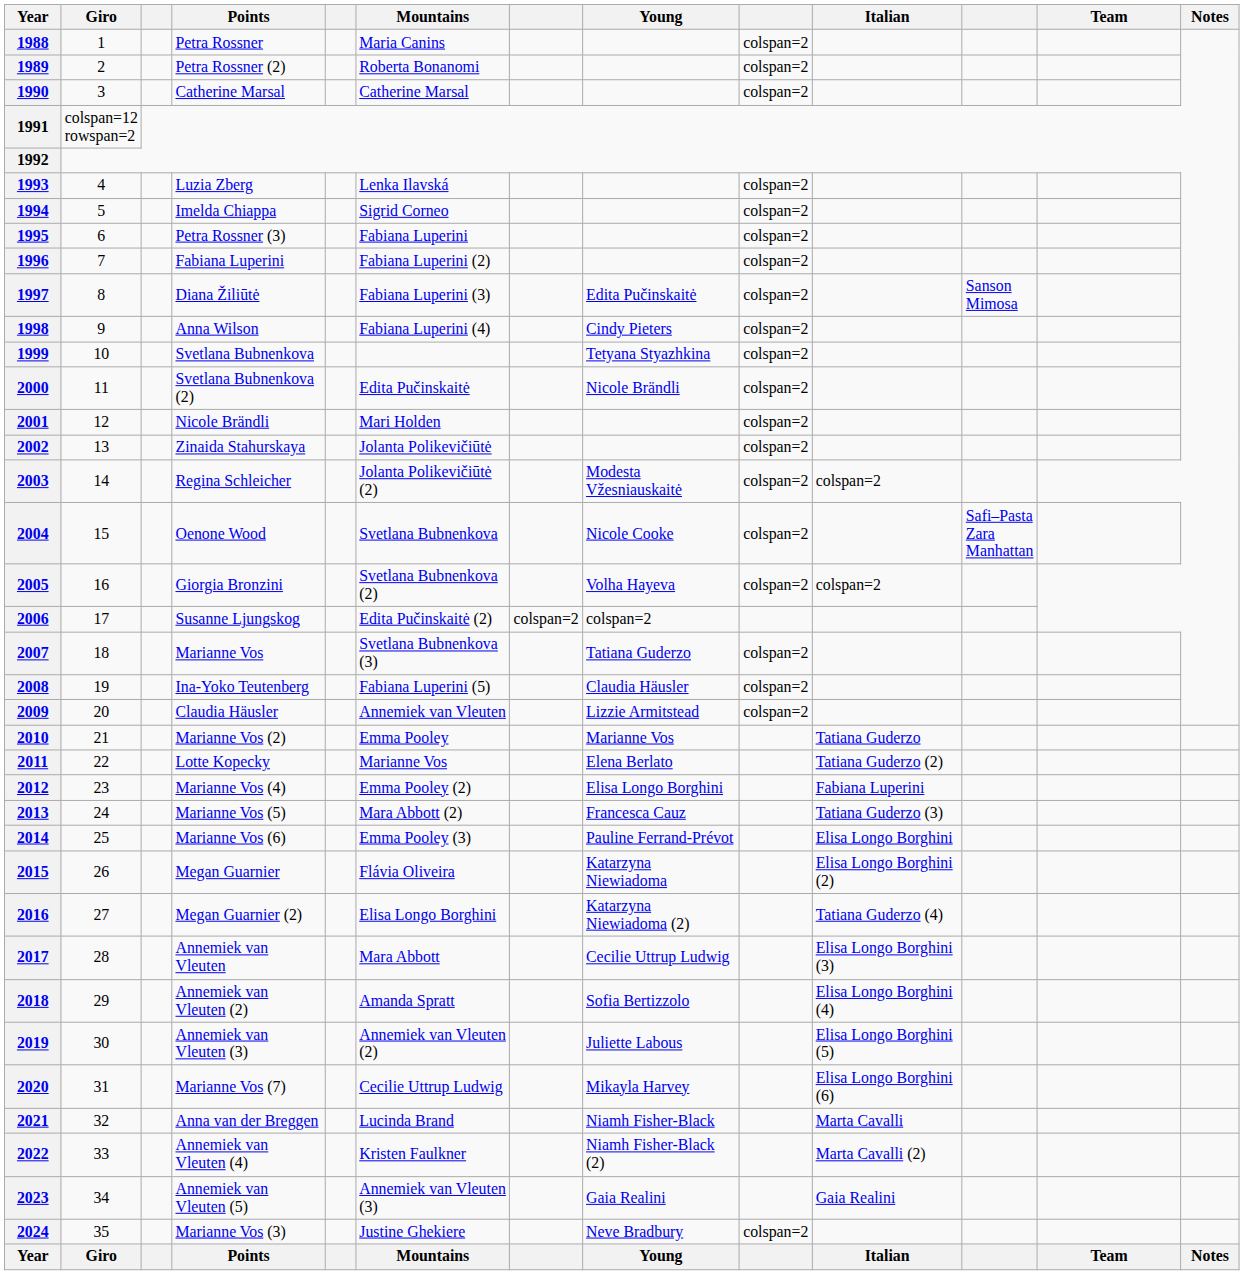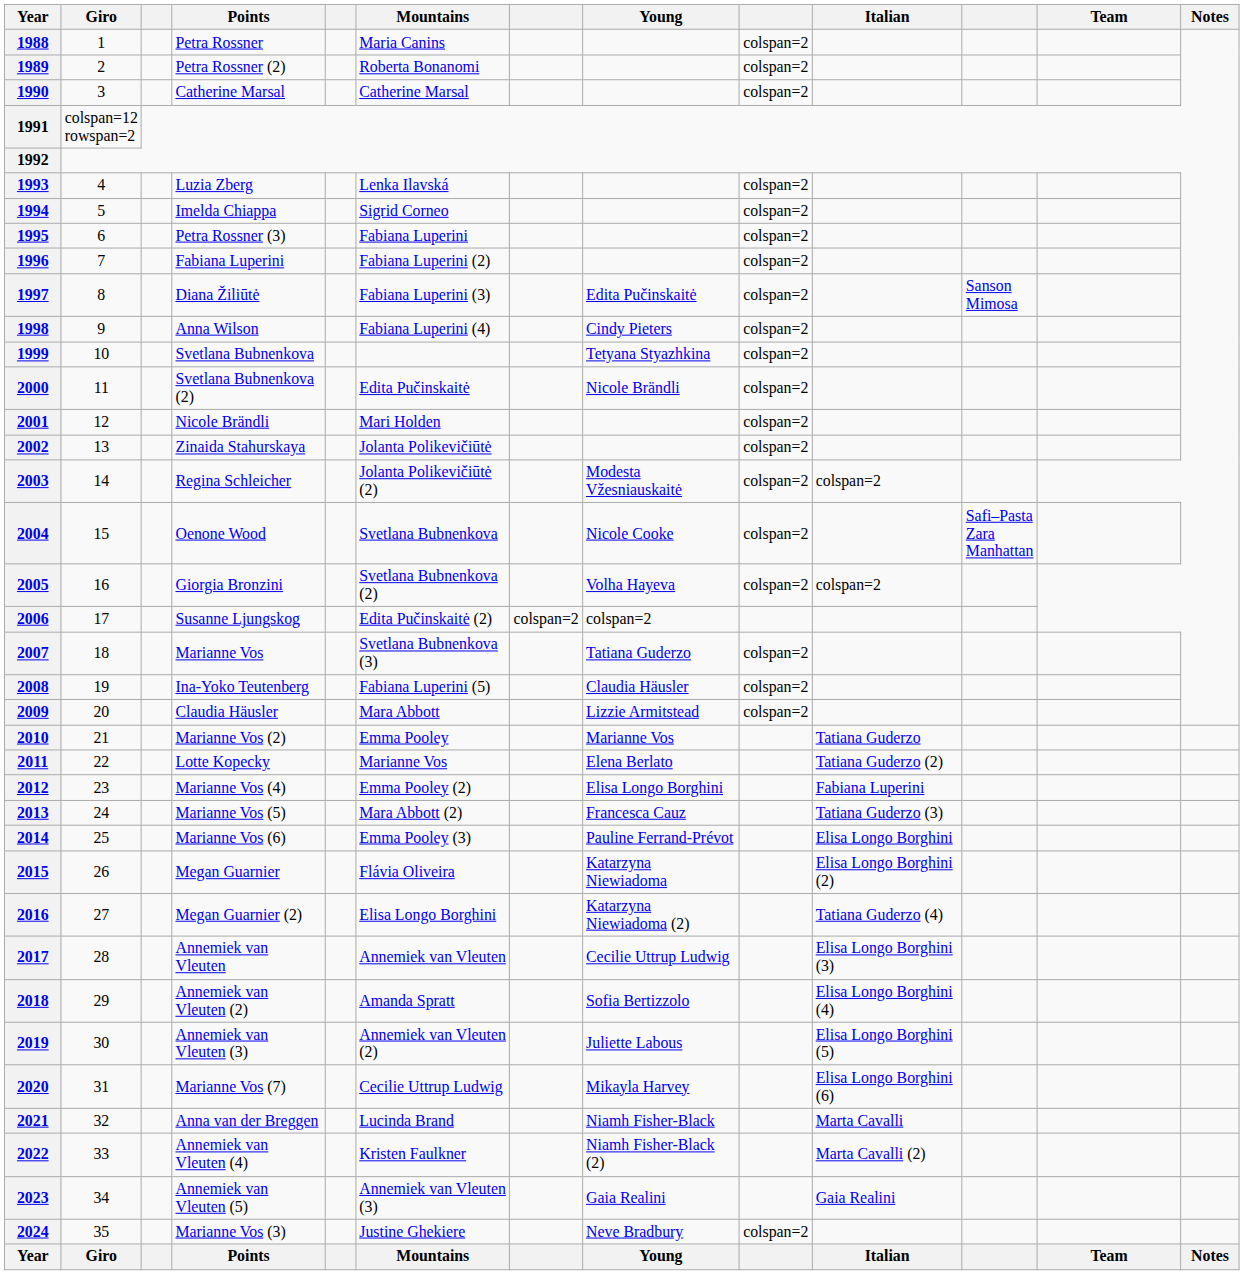 <table class="sortable wikitable">
 <tr>
 <th width="5%">Year</th>
 <th width="5%" class="unsortable">Giro</th>
 <th width="3%"></th>
 <th width="14%"> Points</th>
 <th width="3%"></th>
 <th width="14%"> Mountains</th>
 <th width="3%"></th>
 <th width="14%"> Young</th>
 <th width="3%"></th>
 <th width="14%"> Italian</th>
 <th width="3%"></th>
 <th width="14%"> Team</th>
 <th width="5%" class="unsortable">Notes</th>
 </tr>
 <tr>
 <th><strong><a href='#'>1988</a></strong></th>
 <td align=center>1</td>
 <td></td>
 <td><a href='#'>Petra Rossner</a></td>
 <td></td>
 <td><a href='#'>Maria Canins</a></td>
 <td></td>
 <td></td>
 <td>colspan=2 </td>
 <td></td>
 <td></td>
 <td align=center></td>
 </tr>
 <tr>
 <th><strong><a href='#'>1989</a></strong></th>
 <td align=center>2</td>
 <td></td>
 <td><a href='#'>Petra Rossner</a> (2)</td>
 <td></td>
 <td><a href='#'>Roberta Bonanomi</a></td>
 <td></td>
 <td></td>
 <td>colspan=2 </td>
 <td></td>
 <td></td>
 <td align=center></td>
 </tr>
 <tr>
 <th><strong><a href='#'>1990</a></strong></th>
 <td align=center>3</td>
 <td></td>
 <td><a href='#'>Catherine Marsal</a></td>
 <td></td>
 <td><a href='#'>Catherine Marsal</a></td>
 <td></td>
 <td></td>
 <td>colspan=2 </td>
 <td></td>
 <td></td>
 <td align=center></td>
 </tr>
 <tr>
 <th><strong>1991</strong></th>
 <td>colspan=12 rowspan=2 </td>
 </tr>
 <tr>
 <th><strong>1992</strong></th>
 </tr>
 <tr>
 <th><strong><a href='#'>1993</a></strong></th>
 <td align=center>4</td>
 <td></td>
 <td><a href='#'>Luzia Zberg</a></td>
 <td></td>
 <td><a href='#'>Lenka Ilavská</a></td>
 <td></td>
 <td></td>
 <td>colspan=2 </td>
 <td></td>
 <td></td>
 <td align=center></td>
 </tr>
 <tr>
 <th><strong><a href='#'>1994</a></strong></th>
 <td align=center>5</td>
 <td></td>
 <td><a href='#'>Imelda Chiappa</a></td>
 <td></td>
 <td><a href='#'>Sigrid Corneo</a></td>
 <td></td>
 <td></td>
 <td>colspan=2 </td>
 <td></td>
 <td></td>
 <td align=center></td>
 </tr>
 <tr>
 <th><strong><a href='#'>1995</a></strong></th>
 <td align=center>6</td>
 <td></td>
 <td><a href='#'>Petra Rossner</a> (3)</td>
 <td></td>
 <td><a href='#'>Fabiana Luperini</a></td>
 <td></td>
 <td></td>
 <td>colspan=2 </td>
 <td></td>
 <td></td>
 <td align=center></td>
 </tr>
 <tr>
 <th><strong><a href='#'>1996</a></strong></th>
 <td align=center>7</td>
 <td></td>
 <td><a href='#'>Fabiana Luperini</a></td>
 <td></td>
 <td><a href='#'>Fabiana Luperini</a> (2)</td>
 <td></td>
 <td></td>
 <td>colspan=2 </td>
 <td></td>
 <td></td>
 <td align=center></td>
 </tr>
 <tr>
 <th><strong><a href='#'>1997</a></strong></th>
 <td align=center>8</td>
 <td></td>
 <td><a href='#'>Diana Žiliūtė</a></td>
 <td></td>
 <td><a href='#'>Fabiana Luperini</a> (3)</td>
 <td></td>
 <td><a href='#'>Edita Pučinskaitė</a></td>
 <td>colspan=2 </td>
 <td></td>
 <td><a href='#'>Sanson Mimosa</a></td>
 <td align=center></td>
 </tr>
 <tr>
 <th><strong><a href='#'>1998</a></strong></th>
 <td align=center>9</td>
 <td></td>
 <td><a href='#'>Anna Wilson</a></td>
 <td></td>
 <td><a href='#'>Fabiana Luperini</a> (4)</td>
 <td></td>
 <td><a href='#'>Cindy Pieters</a></td>
 <td>colspan=2 </td>
 <td></td>
 <td></td>
 <td align=center></td>
 </tr>
 <tr>
 <th><strong><a href='#'>1999</a></strong></th>
 <td align=center>10</td>
 <td></td>
 <td><a href='#'>Svetlana Bubnenkova</a></td>
 <td></td>
 <td></td>
 <td></td>
 <td><a href='#'>Tetyana Styazhkina</a></td>
 <td>colspan=2 </td>
 <td></td>
 <td></td>
 <td align=center></td>
 </tr>
 <tr>
 <th><strong><a href='#'>2000</a></strong></th>
 <td align=center>11</td>
 <td></td>
 <td><a href='#'>Svetlana Bubnenkova</a> (2)</td>
 <td></td>
 <td><a href='#'>Edita Pučinskaitė</a></td>
 <td></td>
 <td><a href='#'>Nicole Brändli</a></td>
 <td>colspan=2 </td>
 <td></td>
 <td></td>
 <td align=center></td>
 </tr>
 <tr>
 <th><strong><a href='#'>2001</a></strong></th>
 <td align=center>12</td>
 <td></td>
 <td><a href='#'>Nicole Brändli</a></td>
 <td></td>
 <td><a href='#'>Mari Holden</a></td>
 <td></td>
 <td></td>
 <td>colspan=2 </td>
 <td></td>
 <td></td>
 <td align=center></td>
 </tr>
 <tr>
 <th><strong><a href='#'>2002</a></strong></th>
 <td align=center>13</td>
 <td></td>
 <td><a href='#'>Zinaida Stahurskaya</a></td>
 <td></td>
 <td><a href='#'>Jolanta Polikevičiūtė</a></td>
 <td></td>
 <td></td>
 <td>colspan=2 </td>
 <td></td>
 <td></td>
 <td align=center></td>
 </tr>
 <tr>
 <th><strong><a href='#'>2003</a></strong></th>
 <td align=center>14</td>
 <td></td>
 <td><a href='#'>Regina Schleicher</a></td>
 <td></td>
 <td><a href='#'>Jolanta Polikevičiūtė</a> (2)</td>
 <td></td>
 <td><a href='#'>Modesta Vžesniauskaitė</a></td>
 <td>colspan=2 </td>
 <td>colspan=2 </td>
 <td align=center></td>
 </tr>
 <tr>
 <th><strong><a href='#'>2004</a></strong></th>
 <td align=center>15</td>
 <td></td>
 <td><a href='#'>Oenone Wood</a></td>
 <td></td>
 <td><a href='#'>Svetlana Bubnenkova</a></td>
 <td></td>
 <td><a href='#'>Nicole Cooke</a></td>
 <td>colspan=2 </td>
 <td></td>
 <td><a href='#'>Safi–Pasta Zara Manhattan</a></td>
 <td align=center></td>
 </tr>
 <tr>
 <th><strong><a href='#'>2005</a></strong></th>
 <td align=center>16</td>
 <td></td>
 <td><a href='#'>Giorgia Bronzini</a></td>
 <td></td>
 <td><a href='#'>Svetlana Bubnenkova</a> (2)</td>
 <td></td>
 <td><a href='#'>Volha Hayeva</a></td>
 <td>colspan=2 </td>
 <td>colspan=2 </td>
 <td align=center></td>
 </tr>
 <tr>
 <th><strong><a href='#'>2006</a></strong></th>
 <td align=center>17</td>
 <td></td>
 <td><a href='#'>Susanne Ljungskog</a></td>
 <td></td>
 <td><a href='#'>Edita Pučinskaitė</a> (2)</td>
 <td>colspan=2 </td>
 <td>colspan=2 </td>
 <td></td>
 <td></td>
 <td align=center></td>
 </tr>
 <tr>
 <th><strong><a href='#'>2007</a></strong></th>
 <td align=center>18</td>
 <td></td>
 <td><a href='#'>Marianne Vos</a></td>
 <td></td>
 <td><a href='#'>Svetlana Bubnenkova</a> (3)</td>
 <td></td>
 <td><a href='#'>Tatiana Guderzo</a></td>
 <td>colspan=2 </td>
 <td></td>
 <td></td>
 <td align=center></td>
 </tr>
 <tr>
 <th><strong><a href='#'>2008</a></strong></th>
 <td align=center>19</td>
 <td></td>
 <td><a href='#'>Ina-Yoko Teutenberg</a></td>
 <td></td>
 <td><a href='#'>Fabiana Luperini</a> (5)</td>
 <td></td>
 <td><a href='#'>Claudia Häusler</a></td>
 <td>colspan=2 </td>
 <td></td>
 <td></td>
 <td align=center></td>
 </tr>
 <tr>
 <th><strong><a href='#'>2009</a></strong></th>
 <td align=center>20</td>
 <td></td>
 <td><a href='#'>Claudia Häusler</a></td>
 <td></td>
-<td><a href='#'>Annemiek van Vleuten</a></td>
+<td><a href='#'>Mara Abbott</a></td>
 <td></td>
 <td><a href='#'>Lizzie Armitstead</a></td>
 <td>colspan=2 </td>
 <td></td>
 <td></td>
 <td align=center></td>
 </tr>
 <tr>
 <th><strong><a href='#'>2010</a></strong></th>
 <td align=center>21</td>
 <td></td>
 <td><a href='#'>Marianne Vos</a> (2)</td>
 <td></td>
 <td><a href='#'>Emma Pooley</a></td>
 <td></td>
 <td><a href='#'>Marianne Vos</a></td>
 <td></td>
 <td><a href='#'>Tatiana Guderzo</a></td>
 <td></td>
 <td></td>
 <td align=center></td>
 </tr>
 <tr>
 <th><strong><a href='#'>2011</a></strong></th>
 <td align=center>22</td>
 <td></td>
 <td><a href='#'>Lotte Kopecky</a></td>
 <td></td>
 <td><a href='#'>Marianne Vos</a></td>
 <td></td>
 <td><a href='#'>Elena Berlato</a></td>
 <td></td>
 <td><a href='#'>Tatiana Guderzo</a> (2)</td>
 <td></td>
 <td></td>
 <td align=center></td>
 </tr>
 <tr>
 <th><strong><a href='#'>2012</a></strong></th>
 <td align=center>23</td>
 <td></td>
 <td><a href='#'>Marianne Vos</a> (4)</td>
 <td></td>
 <td><a href='#'>Emma Pooley</a> (2)</td>
 <td></td>
 <td><a href='#'>Elisa Longo Borghini</a></td>
 <td></td>
 <td><a href='#'>Fabiana Luperini</a></td>
 <td></td>
 <td></td>
 <td align=center></td>
 </tr>
 <tr>
 <th><strong><a href='#'>2013</a></strong></th>
 <td align=center>24</td>
 <td></td>
 <td><a href='#'>Marianne Vos</a> (5)</td>
 <td></td>
 <td><a href='#'>Mara Abbott</a> (2)</td>
 <td></td>
 <td><a href='#'>Francesca Cauz</a></td>
 <td></td>
 <td><a href='#'>Tatiana Guderzo</a> (3)</td>
 <td></td>
 <td></td>
 <td align=center></td>
 </tr>
 <tr>
 <th><strong><a href='#'>2014</a></strong></th>
 <td align=center>25</td>
 <td></td>
 <td><a href='#'>Marianne Vos</a> (6)</td>
 <td></td>
 <td><a href='#'>Emma Pooley</a> (3)</td>
 <td></td>
 <td><a href='#'>Pauline Ferrand-Prévot</a></td>
 <td></td>
 <td><a href='#'>Elisa Longo Borghini</a></td>
 <td></td>
 <td></td>
 <td align=center></td>
 </tr>
 <tr>
 <th><strong><a href='#'>2015</a></strong></th>
 <td align=center>26</td>
 <td></td>
 <td><a href='#'>Megan Guarnier</a></td>
 <td></td>
 <td><a href='#'>Flávia Oliveira</a></td>
 <td></td>
 <td><a href='#'>Katarzyna Niewiadoma</a></td>
 <td></td>
 <td><a href='#'>Elisa Longo Borghini</a> (2)</td>
 <td></td>
 <td></td>
 <td align=center></td>
 </tr>
 <tr>
 <th><strong><a href='#'>2016</a></strong></th>
 <td align=center>27</td>
 <td></td>
 <td><a href='#'>Megan Guarnier</a> (2)</td>
 <td></td>
 <td><a href='#'>Elisa Longo Borghini</a></td>
 <td></td>
 <td><a href='#'>Katarzyna Niewiadoma</a> (2)</td>
 <td></td>
 <td><a href='#'>Tatiana Guderzo</a> (4)</td>
 <td></td>
 <td></td>
 <td align=center></td>
 </tr>
 <tr>
 <th><strong><a href='#'>2017</a></strong></th>
 <td align=center>28</td>
 <td></td>
 <td><a href='#'>Annemiek van Vleuten</a></td>
 <td></td>
-<td><a href='#'>Mara Abbott</a></td>
+<td><a href='#'>Annemiek van Vleuten</a></td>
 <td></td>
 <td><a href='#'>Cecilie Uttrup Ludwig</a></td>
 <td></td>
 <td><a href='#'>Elisa Longo Borghini</a> (3)</td>
 <td></td>
 <td></td>
 <td align=center></td>
 </tr>
 <tr>
 <th><strong><a href='#'>2018</a></strong></th>
 <td align=center>29</td>
 <td></td>
 <td><a href='#'>Annemiek van Vleuten</a> (2)</td>
 <td></td>
 <td><a href='#'>Amanda Spratt</a></td>
 <td></td>
 <td><a href='#'>Sofia Bertizzolo</a></td>
 <td></td>
 <td><a href='#'>Elisa Longo Borghini</a> (4)</td>
 <td></td>
 <td></td>
 <td align=center></td>
 </tr>
 <tr>
 <th><strong><a href='#'>2019</a></strong></th>
 <td align=center>30</td>
 <td></td>
 <td><a href='#'>Annemiek van Vleuten</a> (3)</td>
 <td></td>
 <td><a href='#'>Annemiek van Vleuten</a> (2)</td>
 <td></td>
 <td><a href='#'>Juliette Labous</a></td>
 <td></td>
 <td><a href='#'>Elisa Longo Borghini</a> (5)</td>
 <td></td>
 <td></td>
 <td align=center></td>
 </tr>
 <tr>
 <th><strong><a href='#'>2020</a></strong></th>
 <td align=center>31</td>
 <td></td>
 <td><a href='#'>Marianne Vos</a> (7)</td>
 <td></td>
 <td><a href='#'>Cecilie Uttrup Ludwig</a></td>
 <td></td>
 <td><a href='#'>Mikayla Harvey</a></td>
 <td></td>
 <td><a href='#'>Elisa Longo Borghini</a> (6)</td>
 <td></td>
 <td></td>
 <td align=center></td>
 </tr>
 <tr>
 <th><a href='#'>2021</a></th>
 <td align=center>32</td>
 <td></td>
 <td><a href='#'>Anna van der Breggen</a></td>
 <td></td>
 <td><a href='#'>Lucinda Brand</a></td>
 <td></td>
 <td><a href='#'>Niamh Fisher-Black</a></td>
 <td></td>
 <td><a href='#'>Marta Cavalli</a></td>
 <td></td>
 <td></td>
 <td align="center"></td>
 </tr>
 <tr>
 <th><a href='#'>2022</a></th>
 <td align=center>33</td>
 <td></td>
 <td><a href='#'>Annemiek van Vleuten</a> (4)</td>
 <td></td>
 <td><a href='#'>Kristen Faulkner</a></td>
 <td></td>
 <td><a href='#'>Niamh Fisher-Black</a> (2)</td>
 <td></td>
 <td><a href='#'>Marta Cavalli</a> (2)</td>
 <td></td>
 <td></td>
 <td></td>
 </tr>
 <tr>
 <th><a href='#'>2023</a></th>
 <td align=center>34</td>
 <td></td>
 <td><a href='#'>Annemiek van Vleuten</a> (5)</td>
 <td></td>
 <td><a href='#'>Annemiek van Vleuten</a> (3)</td>
 <td></td>
 <td><a href='#'>Gaia Realini</a></td>
 <td></td>
 <td><a href='#'>Gaia Realini</a></td>
 <td></td>
 <td></td>
 <td></td>
 </tr>
 <tr>
 <th><a href='#'>2024</a></th>
 <td align=center>35</td>
 <td></td>
 <td><a href='#'>Marianne Vos</a> (3)</td>
 <td></td>
 <td><a href='#'>Justine Ghekiere</a></td>
 <td></td>
 <td><a href='#'>Neve Bradbury</a></td>
 <td>colspan=2 </td>
 <td></td>
 <td></td>
 <td></td>
 </tr>
 <tr>
 <th width="5%">Year</th>
 <th width="5%" class="unsortable">Giro</th>
 <th width="3%"></th>
 <th width="14%"> Points</th>
 <th width="3%"></th>
 <th width="14%"> Mountains</th>
 <th width="3%"></th>
 <th width="14%"> Young</th>
 <th width="3%"></th>
 <th width="14%"> Italian</th>
 <th width="3%"></th>
 <th width="14%"> Team</th>
 <th width="5%" class="unsortable">Notes</th>
 </tr>
 </table>
